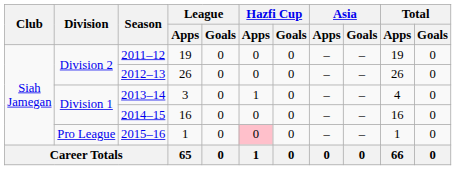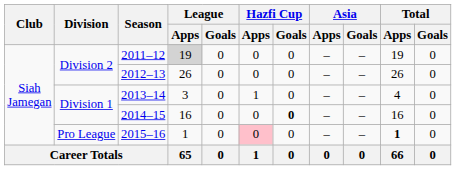 <table class="wikitable" style="text-align: center;">
 <tr>
 <th rowspan="2">Club</th>
 <th rowspan="2">Division</th>
 <th rowspan="2">Season</th>
 <th colspan="2">League</th>
 <th colspan="2"><a href='#'>Hazfi Cup</a></th>
 <th colspan="2"><a href='#'>Asia</a></th>
 <th colspan="2">Total</th>
 </tr>
 <tr>
 <th>Apps</th>
 <th>Goals</th>
 <th>Apps</th>
 <th>Goals</th>
 <th>Apps</th>
 <th>Goals</th>
 <th>Apps</th>
 <th>Goals</th>
 </tr>
 <tr>
 <td rowspan="5"><a href='#'>Siah<br>Jamegan</a></td>
 <td rowspan="2"><a href='#'>Division 2</a></td>
 <td><a href='#'>2011–12</a></td>
-<td>19</td>
+<td style="background: lightgrey;">19</td>
 <td>0</td>
 <td>0</td>
 <td>0</td>
 <td>–</td>
 <td>–</td>
 <td>19</td>
 <td>0</td>
 </tr>
 <tr>
 <td><a href='#'>2012–13</a></td>
 <td>26</td>
 <td>0</td>
 <td>0</td>
 <td>0</td>
 <td>–</td>
 <td>–</td>
 <td>26</td>
 <td>0</td>
 </tr>
 <tr>
 <td rowspan="2"><a href='#'>Division 1</a></td>
 <td><a href='#'>2013–14</a></td>
 <td>3</td>
 <td>0</td>
 <td>1</td>
 <td>0</td>
 <td>–</td>
 <td>–</td>
 <td>4</td>
 <td>0</td>
 </tr>
 <tr>
 <td><a href='#'>2014–15</a></td>
 <td>16</td>
 <td>0</td>
 <td>0</td>
-<td>0</td>
+<td><strong>0</strong></td>
 <td>–</td>
 <td>–</td>
 <td>16</td>
 <td>0</td>
 </tr>
 <tr>
 <td><a href='#'>Pro League</a></td>
 <td><a href='#'>2015–16</a></td>
 <td>1</td>
 <td>0</td>
 <td style="background: pink;">0</td>
 <td>0</td>
 <td>–</td>
 <td>–</td>
-<td>1</td>
+<td><strong>1</strong></td>
 <td>0</td>
 </tr>
 <tr>
 <th colspan=3>Career Totals</th>
 <th>65</th>
 <th>0</th>
 <th>1</th>
 <th>0</th>
 <th>0</th>
 <th>0</th>
 <th>66</th>
 <th>0</th>
 </tr>
 </table>
